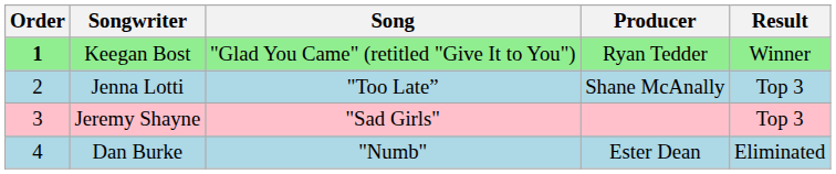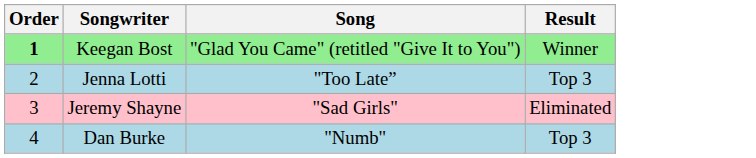 <table class="wikitable plainrowheaders" style="text-align:center">
 <tr>
 <th style="row">Order</th>
 <th style="row">Songwriter</th>
 <th style="row">Song</th>
-<th style="row">Producer</th>
 <th style="row">Result</th>
 </tr>
 <tr style="background:lightgreen;">
 <td><strong>1</strong></td>
 <td>Keegan Bost</td>
 <td>"Glad You Came" (retitled "Give It to You")</td>
-<td>Ryan Tedder</td>
 <td>Winner</td>
 </tr>
 <tr style="background:lightblue;”">
 <td>2</td>
 <td>Jenna Lotti</td>
 <td>"Too Late”</td>
-<td>Shane McAnally</td>
 <td>Top 3</td>
 </tr>
 <tr style="background:pink;”">
 <td>3</td>
 <td>Jeremy Shayne</td>
 <td>"Sad Girls"</td>
-<td></td>
-<td>Top 3</td>
+<td>Eliminated</td>
 </tr>
 <tr style="background:lightblue;”">
 <td>4</td>
 <td>Dan Burke</td>
 <td>"Numb"</td>
-<td>Ester Dean</td>
-<td>Eliminated</td>
+<td>Top 3</td>
 </tr>
 </table>
